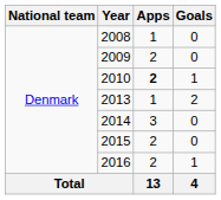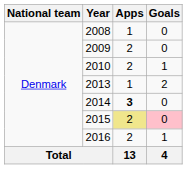 <table class="wikitable" style="text-align:center">
 <tr>
 <th>National team</th>
 <th>Year</th>
 <th>Apps</th>
 <th>Goals</th>
 </tr>
 <tr>
 <td rowspan="7"><a href='#'>Denmark</a></td>
 <td>2008</td>
 <td>1</td>
 <td>0</td>
 </tr>
 <tr>
 <td>2009</td>
 <td>2</td>
 <td>0</td>
 </tr>
 <tr>
 <td>2010</td>
-<td><strong>2</strong></td>
+<td>2</td>
 <td>1</td>
 </tr>
 <tr>
 <td>2013</td>
 <td>1</td>
 <td>2</td>
 </tr>
 <tr>
 <td>2014</td>
-<td>3</td>
+<td><strong>3</strong></td>
 <td>0</td>
 </tr>
 <tr>
 <td>2015</td>
-<td>2</td>
-<td>0</td>
+<td style="background: khaki;">2</td>
+<td style="background: pink;">0</td>
 </tr>
 <tr>
 <td>2016</td>
 <td>2</td>
 <td>1</td>
 </tr>
 <tr>
 <th colspan="2">Total</th>
 <th>13</th>
 <th>4</th>
 </tr>
 </table>
